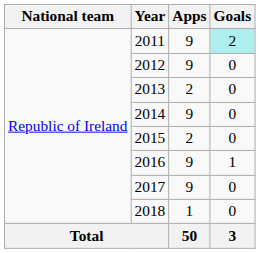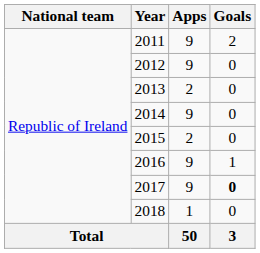 <table class=wikitable style="text-align: center">
 <tr>
 <th>National team</th>
 <th>Year</th>
 <th>Apps</th>
 <th>Goals</th>
 </tr>
 <tr>
 <td rowspan="8"><a href='#'>Republic of Ireland</a></td>
 <td>2011</td>
 <td>9</td>
-<td style="background: paleturquoise;">2</td>
+<td>2</td>
 </tr>
 <tr>
 <td>2012</td>
 <td>9</td>
 <td>0</td>
 </tr>
 <tr>
 <td>2013</td>
 <td>2</td>
 <td>0</td>
 </tr>
 <tr>
 <td>2014</td>
 <td>9</td>
 <td>0</td>
 </tr>
 <tr>
 <td>2015</td>
 <td>2</td>
 <td>0</td>
 </tr>
 <tr>
 <td>2016</td>
 <td>9</td>
 <td>1</td>
 </tr>
 <tr>
 <td>2017</td>
 <td>9</td>
-<td>0</td>
+<td><strong>0</strong></td>
 </tr>
 <tr>
 <td>2018</td>
 <td>1</td>
 <td>0</td>
 </tr>
 <tr>
 <th colspan="2">Total</th>
 <th>50</th>
 <th>3</th>
 </tr>
 </table>
